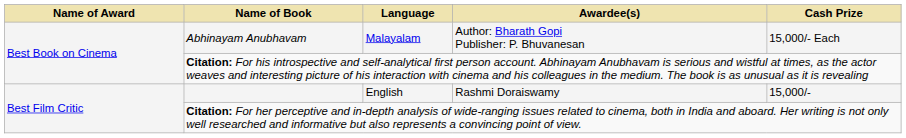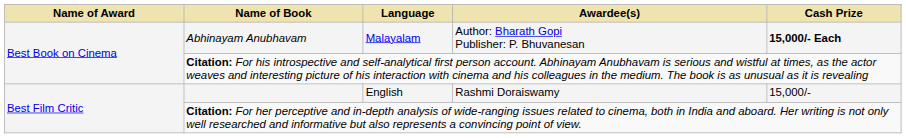 <table class="wikitable" style="width:100%;">
 <tr style="background-color:#F4F4F4">
 <th style="background-color:#EFE4B0;width:20%;">Name of Award</th>
 <th style="background-color:#EFE4B0;width:20%;">Name of Book</th>
 <th style="background-color:#EFE4B0;width:10%;">Language</th>
 <th style="background-color:#EFE4B0;width:35%;">Awardee(s)</th>
 <th style="background-color:#EFE4B0;width:15%;">Cash Prize</th>
 </tr>
 <tr style="background-color:#F4F4F4">
 <td rowspan="2"><a href='#'>Best Book on Cinema</a></td>
 <td><em>Abhinayam Anubhavam</em></td>
 <td><a href='#'>Malayalam</a></td>
 <td>Author: <a href='#'>Bharath Gopi</a><br>Publisher: P. Bhuvanesan</td>
-<td> 15,000/- Each</td>
+<td><strong> 15,000/- Each</strong></td>
 </tr>
 <tr style="background-color:#F9F9F9">
 <td colspan="4"><strong>Citation:</strong> <em>For his introspective and self-analytical first person account. Abhinayam Anubhavam is  serious and wistful at times, as the actor weaves and interesting picture of his interaction with cinema and his colleagues in the medium. The book is as unusual as it is revealing</em></td>
 </tr>
 <tr style="background-color:#F4F4F4">
 <td rowspan="2"><a href='#'>Best Film Critic</a></td>
 <td></td>
 <td>English</td>
 <td>Rashmi Doraiswamy</td>
 <td> 15,000/-</td>
 </tr>
 <tr style="background-color:#F9F9F9">
 <td colspan="4"><strong>Citation:</strong> <em>For her perceptive and in-depth analysis of wide-ranging issues related to cinema, both in India and aboard. Her writing is not only well researched and informative but also represents a convincing point of view.</em></td>
 </tr>
 </table>
